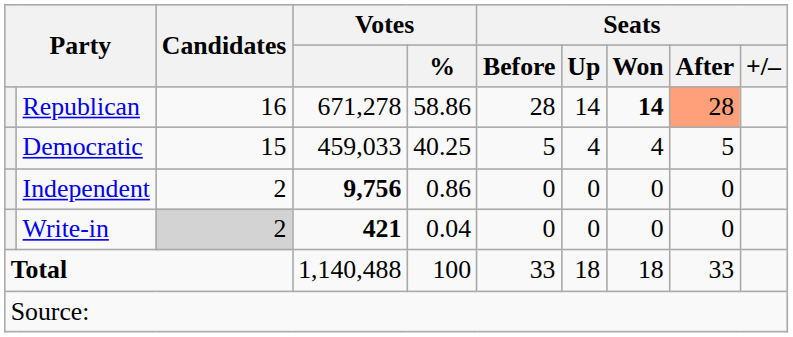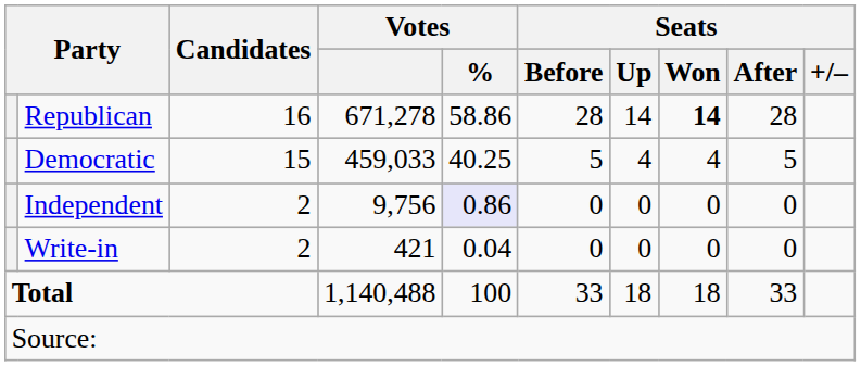 <table class="wikitable">
 <tr>
 <th rowspan="2" colspan="2">Party</th>
 <th rowspan="2">Candidates</th>
 <th colspan="2">Votes</th>
 <th colspan="5">Seats</th>
 </tr>
 <tr>
 <th></th>
 <th>%</th>
 <th>Before</th>
 <th>Up</th>
 <th>Won</th>
 <th>After</th>
 <th>+/–</th>
 </tr>
 <tr>
 <th style="background-color:"></th>
 <td><a href='#'>Republican</a></td>
 <td align="right">16</td>
 <td align="right">671,278</td>
 <td align="right">58.86</td>
 <td align="right">28</td>
 <td align="right">14</td>
 <td align="right"><strong>14</strong></td>
-<td align="right" style="background: lightsalmon;">28</td>
+<td align="right">28</td>
 <td align="right"></td>
 </tr>
 <tr>
 <th style="background-color:"></th>
 <td><a href='#'>Democratic</a></td>
 <td align="right">15</td>
 <td align="right">459,033</td>
 <td align="right">40.25</td>
 <td align="right">5</td>
 <td align="right">4</td>
 <td align="right">4</td>
 <td align="right">5</td>
 <td align="right"></td>
 </tr>
 <tr>
 <th style="background-color:"></th>
 <td><a href='#'>Independent</a></td>
 <td align="right">2</td>
-<td align="right"><strong>9,756</strong></td>
-<td align="right">0.86</td>
+<td align="right">9,756</td>
+<td align="right" style="background: lavender;">0.86</td>
 <td align="right">0</td>
 <td align="right">0</td>
 <td align="right">0</td>
 <td align="right">0</td>
 <td align="right"></td>
 </tr>
 <tr>
 <th style="background-color:"></th>
 <td><a href='#'>Write-in</a></td>
-<td align="right" style="background: lightgrey;">2</td>
-<td align="right"><strong>421</strong></td>
+<td align="right">2</td>
+<td align="right">421</td>
 <td align="right">0.04</td>
 <td align="right">0</td>
 <td align="right">0</td>
 <td align="right">0</td>
 <td align="right">0</td>
 <td align="right"></td>
 </tr>
 <tr>
 <td colspan="3" align="left"><strong>Total</strong></td>
 <td align="right">1,140,488</td>
 <td align="right">100</td>
 <td align="right">33</td>
 <td align="right">18</td>
 <td align="right">18</td>
 <td align="right">33</td>
 <td align="right"></td>
 </tr>
 <tr>
 <td colspan="10">Source: </td>
 </tr>
 </table>
